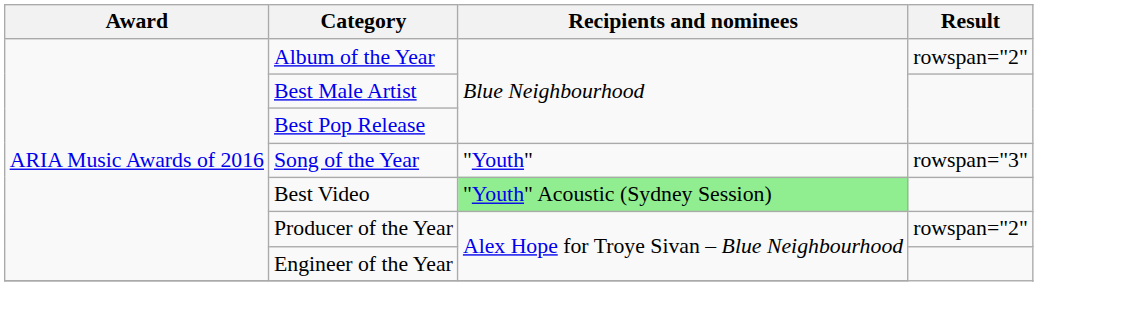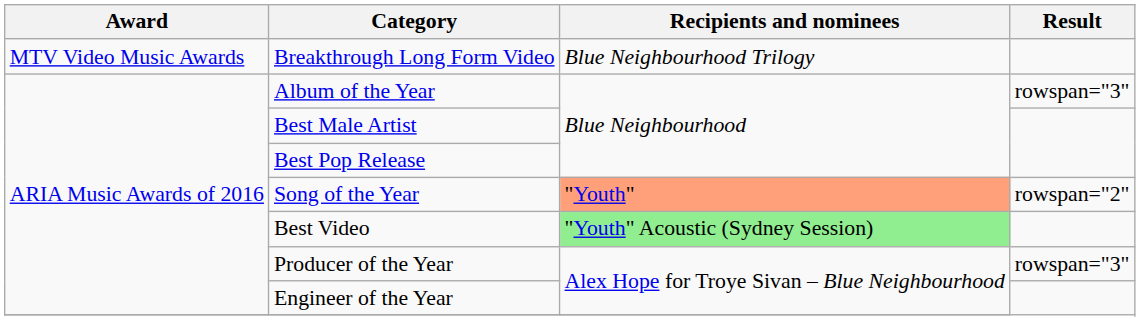 <table class="wikitable">
 <tr>
 <th>Award</th>
 <th>Category</th>
 <th>Recipients and nominees</th>
 <th>Result</th>
 </tr>
 <tr>
+<td><a href='#'>MTV Video Music Awards</a></td>
+<td><a href='#'>Breakthrough Long Form Video</a></td>
+<td><em>Blue Neighbourhood Trilogy</em></td>
+<td></td>
+</tr>
+<tr>
 <td rowspan="7"><a href='#'>ARIA Music Awards of 2016</a></td>
 <td><a href='#'>Album of the Year</a></td>
 <td rowspan="3"><em>Blue Neighbourhood</em></td>
-<td>rowspan="2" </td>
+<td>rowspan="3" </td>
 </tr>
 <tr>
 <td><a href='#'>Best Male Artist</a></td>
 </tr>
 <tr>
 <td><a href='#'>Best Pop Release</a></td>
 </tr>
 <tr>
 <td><a href='#'>Song of the Year</a></td>
-<td>"<a href='#'>Youth</a>"</td>
-<td>rowspan="3" </td>
+<td style="background: lightsalmon;">"<a href='#'>Youth</a>"</td>
+<td>rowspan="2" </td>
 </tr>
 <tr>
 <td>Best Video </td>
 <td style="background: lightgreen;">"<a href='#'>Youth</a>" Acoustic (Sydney Session)</td>
 </tr>
 <tr>
 <td>Producer of the Year</td>
 <td rowspan="2"><a href='#'>Alex Hope</a> for Troye Sivan – <em>Blue Neighbourhood</em></td>
-<td>rowspan="2" </td>
+<td>rowspan="3" </td>
 </tr>
 <tr>
 <td>Engineer of the Year</td>
 </tr>
 <tr>
 </tr>
 </table>
